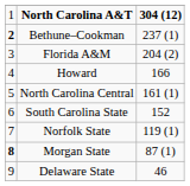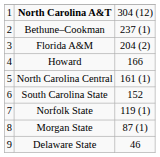 <table class="wikitable">
 <tr align="center">
 </tr>
 <tr align="center">
 <td>1</td>
 <td><strong>North Carolina A&T</strong></td>
-<td><strong>304 (12)</strong></td>
+<td>304 (12)</td>
 </tr>
 <tr align="center">
-<td><strong>2</strong></td>
+<td>2</td>
 <td>Bethune–Cookman</td>
 <td>237 (1)</td>
 </tr>
 <tr align="center">
 <td>3</td>
 <td>Florida A&M</td>
 <td>204 (2)</td>
 </tr>
 <tr align="center">
 <td>4</td>
 <td>Howard</td>
 <td>166</td>
 </tr>
 <tr align="center">
 <td>5</td>
 <td>North Carolina Central</td>
 <td>161 (1)</td>
 </tr>
 <tr align="center">
 <td>6</td>
 <td>South Carolina State</td>
 <td>152</td>
 </tr>
 <tr align="center">
 <td>7</td>
 <td>Norfolk State</td>
 <td>119 (1)</td>
 </tr>
 <tr align="center">
-<td><strong>8</strong></td>
+<td>8</td>
 <td>Morgan State</td>
 <td>87 (1)</td>
 </tr>
 <tr align="center">
 <td>9</td>
 <td>Delaware State</td>
 <td>46</td>
 </tr>
 </table>
